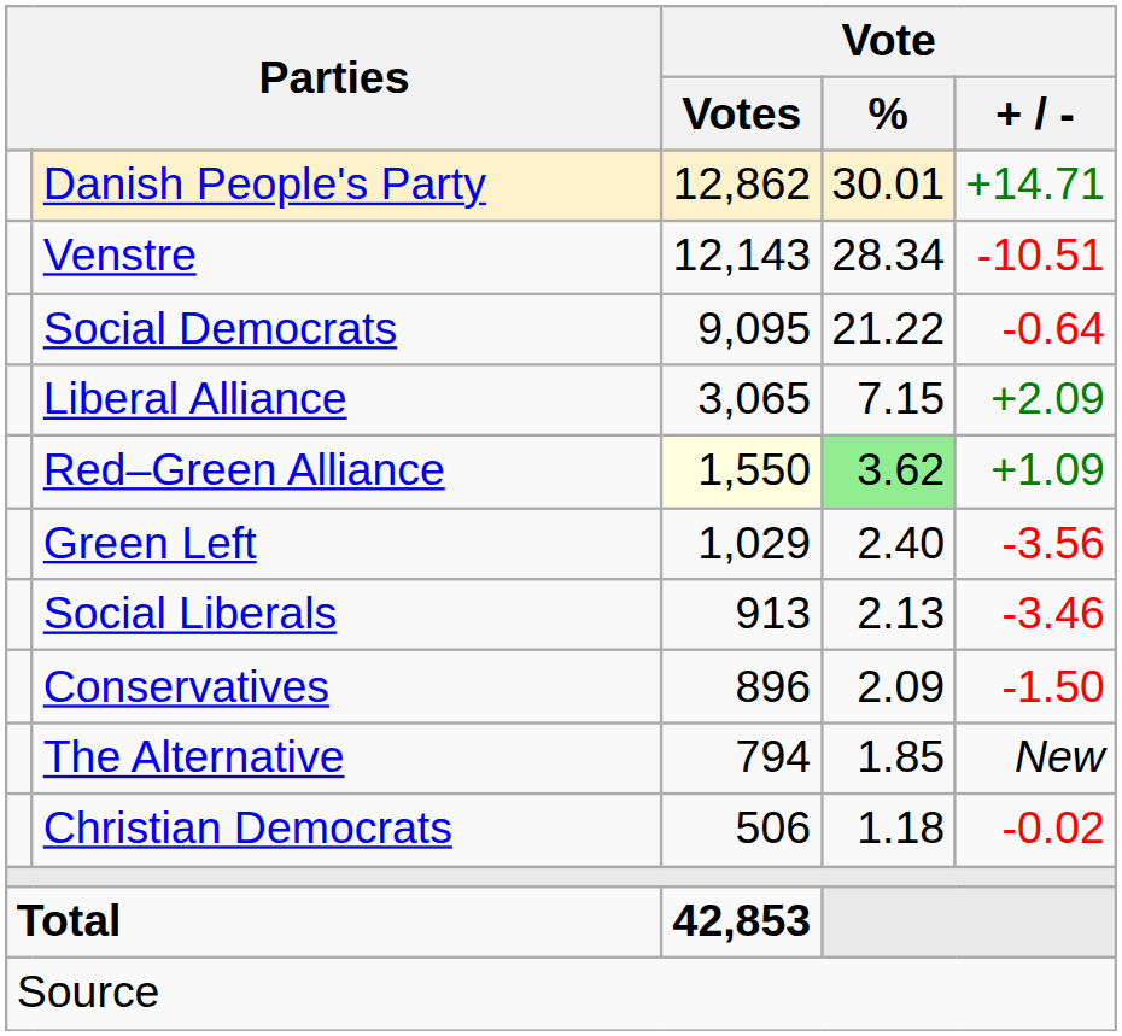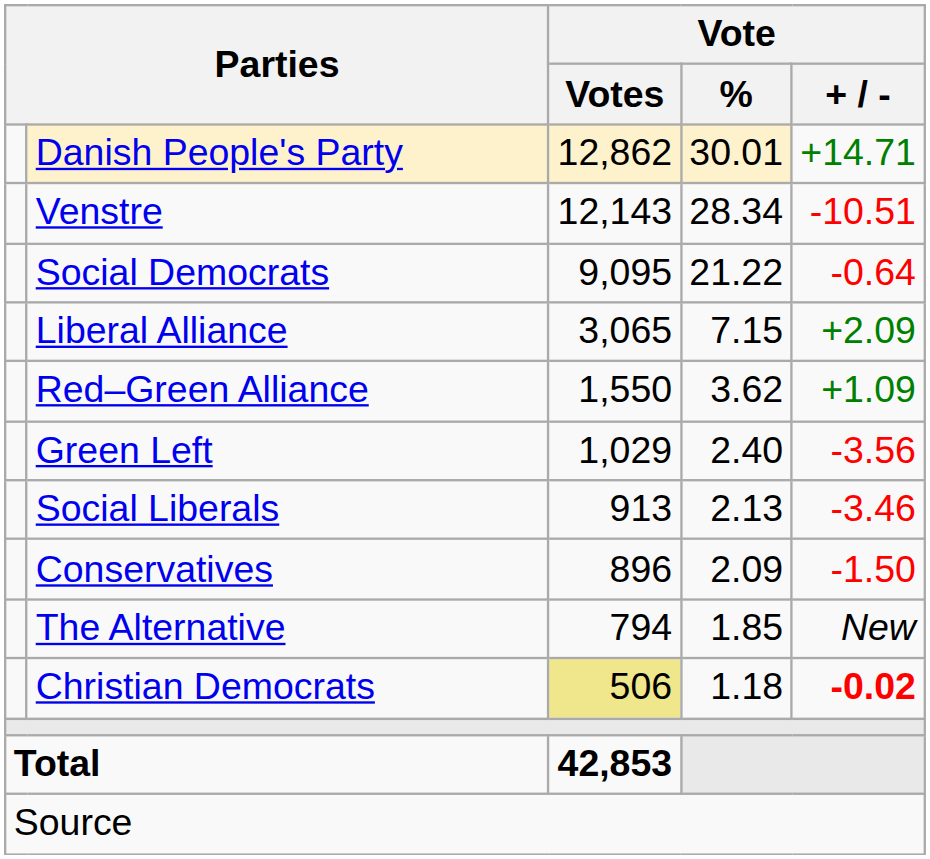 <table class="wikitable" style="text-align:right;">
 <tr>
 <th style="text-align:centre;" rowspan="2" colspan="2" width="225">Parties</th>
 <th colspan="3">Vote</th>
 </tr>
 <tr>
 <th width="15">Votes</th>
 <th width="15">%</th>
 <th width="15">+ / -</th>
 </tr>
 <tr>
 <td width="2" style="color:inherit;background:"></td>
 <td bgcolor=#fef2cc  align="left"><a href='#'>Danish People's Party</a></td>
 <td bgcolor=#fef2cc>12,862</td>
 <td bgcolor=#fef2cc>30.01</td>
 <td style=color:green;>+14.71</td>
 </tr>
 <tr>
 <td width="2" style="color:inherit;background:"></td>
 <td align="left"><a href='#'>Venstre</a></td>
 <td>12,143</td>
 <td>28.34</td>
 <td style=color:red;>-10.51</td>
 </tr>
 <tr>
 <td width="2" style="color:inherit;background:"></td>
 <td align="left"><a href='#'>Social Democrats</a></td>
 <td>9,095</td>
 <td>21.22</td>
 <td style=color:red;>-0.64</td>
 </tr>
 <tr>
 <td width="2" style="color:inherit;background:"></td>
 <td align="left"><a href='#'>Liberal Alliance</a></td>
 <td>3,065</td>
 <td>7.15</td>
 <td style=color:green;>+2.09</td>
 </tr>
 <tr>
 <td width="2" style="color:inherit;background:"></td>
 <td align="left"><a href='#'>Red–Green Alliance</a></td>
-<td style="background: lightyellow;">1,550</td>
-<td style="background: lightgreen;">3.62</td>
+<td>1,550</td>
+<td>3.62</td>
 <td style=color:green;>+1.09</td>
 </tr>
 <tr>
 <td width="2" style="color:inherit;background:"></td>
 <td align="left"><a href='#'>Green Left</a></td>
 <td>1,029</td>
 <td>2.40</td>
 <td style=color:red;>-3.56</td>
 </tr>
 <tr>
 <td width="2" style="color:inherit;background:"></td>
 <td align="left"><a href='#'>Social Liberals</a></td>
 <td>913</td>
 <td>2.13</td>
 <td style=color:red;>-3.46</td>
 </tr>
 <tr>
 <td width="2" style="color:inherit;background:"></td>
 <td align="left"><a href='#'>Conservatives</a></td>
 <td>896</td>
 <td>2.09</td>
 <td style=color:red;>-1.50</td>
 </tr>
 <tr>
 <td width="2" style="color:inherit;background:"></td>
 <td align="left"><a href='#'>The Alternative</a></td>
 <td>794</td>
 <td>1.85</td>
 <td><em>New</em></td>
 </tr>
 <tr>
 <td width="2" style="color:inherit;background:"></td>
 <td align="left"><a href='#'>Christian Democrats</a></td>
-<td>506</td>
+<td style="background: khaki;">506</td>
 <td>1.18</td>
-<td style=color:red;>-0.02</td>
+<td style=color:red;><strong>-0.02</strong></td>
 </tr>
 <tr>
 <td colspan="7" bgcolor="#E9E9E9"></td>
 </tr>
 <tr>
 <td align="left" colspan="2"><strong>Total</strong></td>
 <td><strong>42,853</strong></td>
 <td bgcolor="#E9E9E9" colspan="2"></td>
 </tr>
 <tr>
 <td align="left" colspan="6">Source</td>
 </tr>
 </table>
